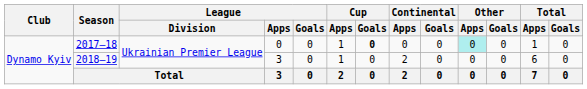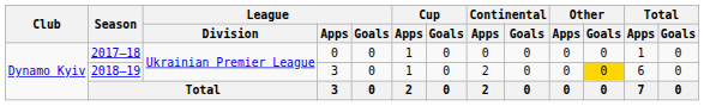 <table class="wikitable" style="text-align: center">
 <tr>
 <th rowspan="2">Club</th>
 <th rowspan="2">Season</th>
 <th colspan="3">League</th>
 <th colspan="2">Cup</th>
 <th colspan="2">Continental</th>
 <th colspan="2">Other</th>
 <th colspan="2">Total</th>
 </tr>
 <tr>
 <th>Division</th>
 <th>Apps</th>
 <th>Goals</th>
 <th>Apps</th>
 <th>Goals</th>
 <th>Apps</th>
 <th>Goals</th>
 <th>Apps</th>
 <th>Goals</th>
 <th>Apps</th>
 <th>Goals</th>
 </tr>
 <tr>
 <td rowspan="3"><a href='#'>Dynamo Kyiv</a></td>
 <td><a href='#'>2017–18</a></td>
 <td rowspan="2"><a href='#'>Ukrainian Premier League</a></td>
 <td>0</td>
 <td>0</td>
 <td>1</td>
-<td><strong>0</strong></td>
 <td>0</td>
 <td>0</td>
-<td style="background: paleturquoise;">0</td>
+<td>0</td>
+<td>0</td>
 <td>0</td>
 <td>1</td>
 <td>0</td>
 </tr>
 <tr>
 <td><a href='#'>2018–19</a></td>
 <td>3</td>
 <td>0</td>
 <td>1</td>
 <td>0</td>
 <td>2</td>
 <td>0</td>
 <td>0</td>
-<td>0</td>
+<td style="background: gold;">0</td>
 <td>6</td>
 <td>0</td>
 </tr>
 <tr>
 <th colspan="2">Total</th>
 <th>3</th>
 <th>0</th>
 <th>2</th>
 <th>0</th>
 <th>2</th>
 <th>0</th>
 <th>0</th>
 <th>0</th>
 <th>7</th>
 <th>0</th>
 </tr>
 </table>
